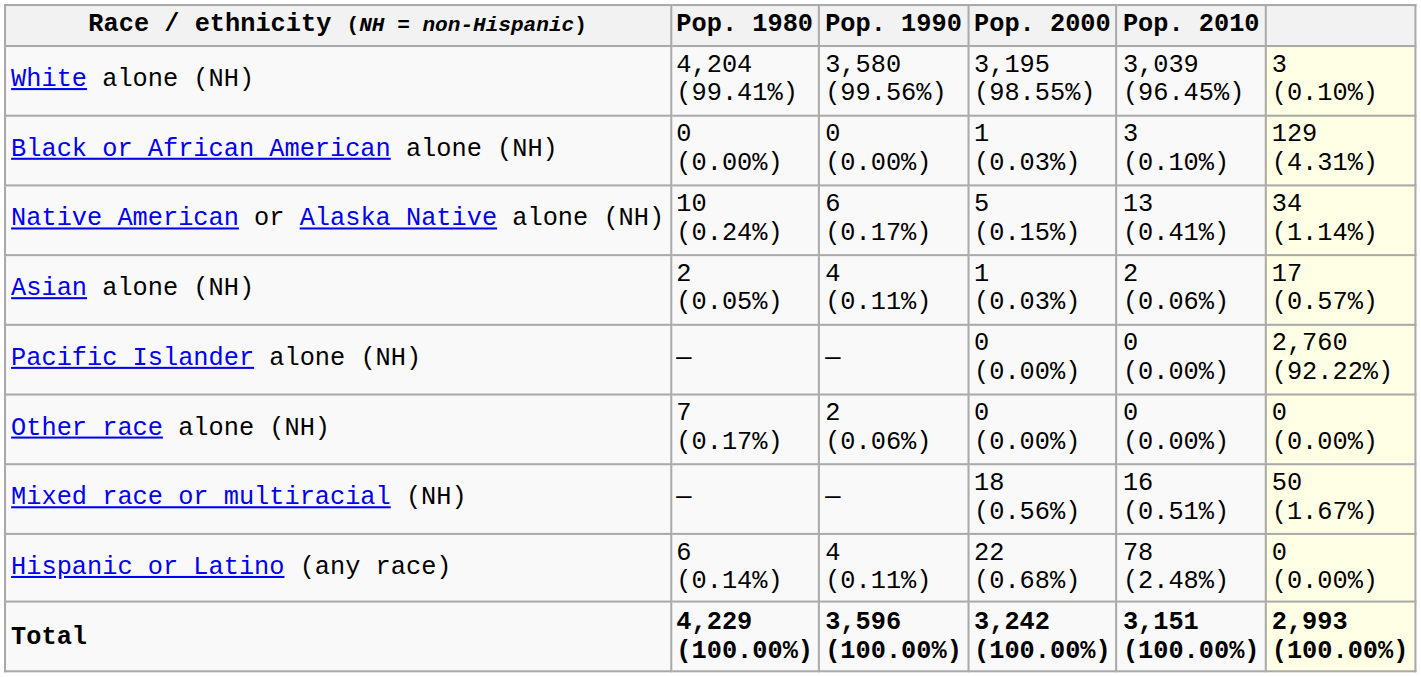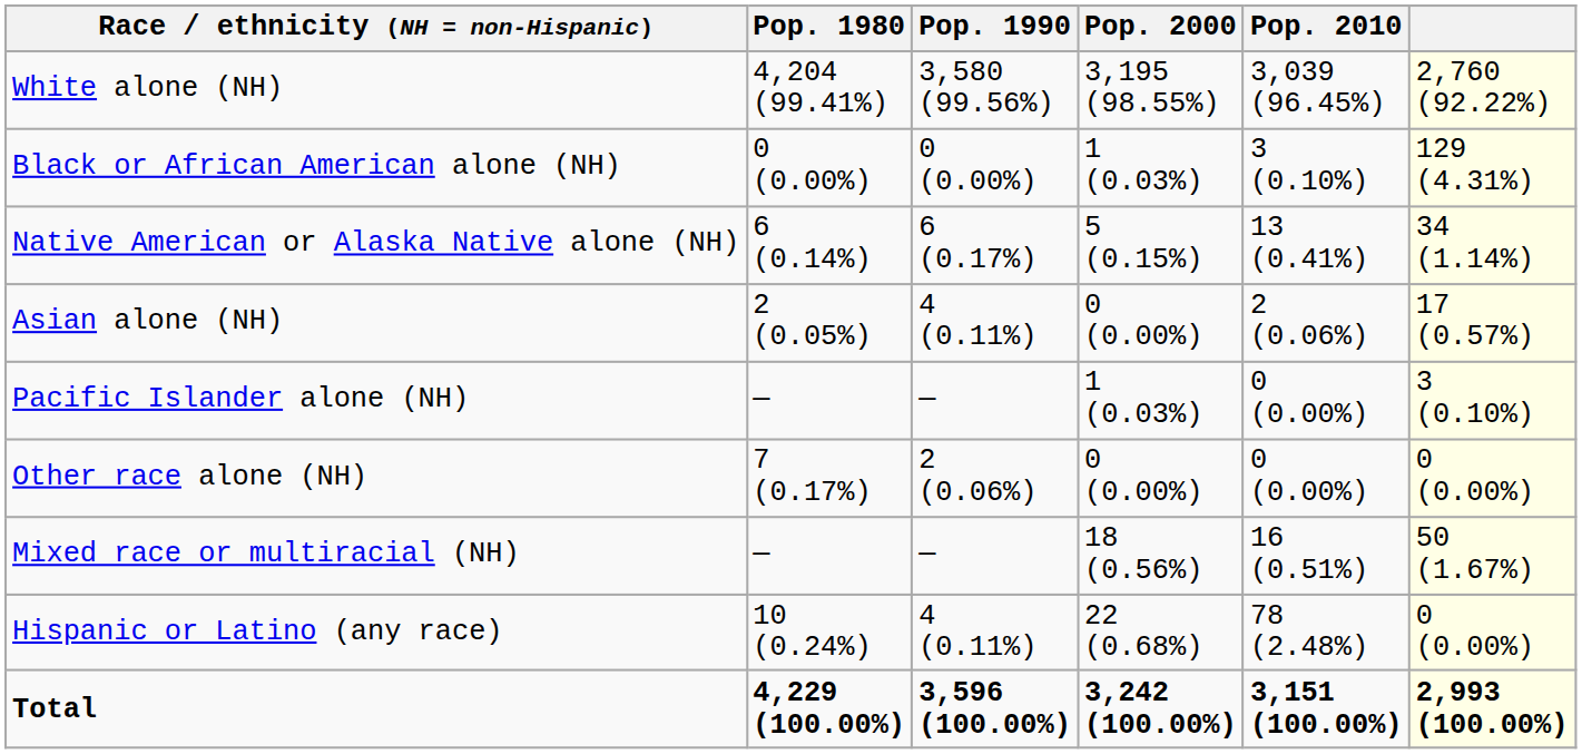 <table class="wikitable sortable collapsible" style="font-size: 95%;">
 <tr>
 <th>Race / ethnicity <small>(<em>NH = non-Hispanic</em>)</small></th>
 <th>Pop. 1980</th>
 <th>Pop. 1990</th>
 <th>Pop. 2000</th>
 <th>Pop. 2010</th>
 <th></th>
 </tr>
 <tr>
 <td><a href='#'>White</a> alone (NH)</td>
 <td>4,204<br>(99.41%)</td>
 <td>3,580<br>(99.56%)</td>
 <td>3,195<br>(98.55%)</td>
 <td>3,039<br>(96.45%)</td>
-<td style='background: #ffffe6;'>3<br>(0.10%)</td>
+<td style='background: #ffffe6;'>2,760<br>(92.22%)</td>
 </tr>
 <tr>
 <td><a href='#'>Black or African American</a> alone (NH)</td>
 <td>0<br>(0.00%)</td>
 <td>0<br>(0.00%)</td>
 <td>1<br>(0.03%)</td>
 <td>3<br>(0.10%)</td>
 <td style='background: #ffffe6;'>129<br>(4.31%)</td>
 </tr>
 <tr>
 <td><a href='#'>Native American</a> or <a href='#'>Alaska Native</a> alone (NH)</td>
-<td>10<br>(0.24%)</td>
+<td>6<br>(0.14%)</td>
 <td>6<br>(0.17%)</td>
 <td>5<br>(0.15%)</td>
 <td>13<br>(0.41%)</td>
 <td style='background: #ffffe6;'>34<br>(1.14%)</td>
 </tr>
 <tr>
 <td><a href='#'>Asian</a> alone (NH)</td>
 <td>2<br>(0.05%)</td>
 <td>4<br>(0.11%)</td>
-<td>1<br>(0.03%)</td>
+<td>0<br>(0.00%)</td>
 <td>2<br>(0.06%)</td>
 <td style='background: #ffffe6;'>17<br>(0.57%)</td>
 </tr>
 <tr>
 <td><a href='#'>Pacific Islander</a> alone (NH)</td>
 <td>—</td>
 <td>—</td>
+<td>1<br>(0.03%)</td>
 <td>0<br>(0.00%)</td>
-<td>0<br>(0.00%)</td>
-<td style='background: #ffffe6;'>2,760<br>(92.22%)</td>
+<td style='background: #ffffe6;'>3<br>(0.10%)</td>
 </tr>
 <tr>
 <td><a href='#'>Other race</a> alone (NH)</td>
 <td>7<br>(0.17%)</td>
 <td>2<br>(0.06%)</td>
 <td>0<br>(0.00%)</td>
 <td>0<br>(0.00%)</td>
 <td style='background: #ffffe6;'>0<br>(0.00%)</td>
 </tr>
 <tr>
 <td><a href='#'>Mixed race or multiracial</a> (NH)</td>
 <td>—</td>
 <td>—</td>
 <td>18<br>(0.56%)</td>
 <td>16<br>(0.51%)</td>
 <td style='background: #ffffe6;'>50<br>(1.67%)</td>
 </tr>
 <tr>
 <td><a href='#'>Hispanic or Latino</a> (any race)</td>
-<td>6<br>(0.14%)</td>
+<td>10<br>(0.24%)</td>
 <td>4<br>(0.11%)</td>
 <td>22<br>(0.68%)</td>
 <td>78<br>(2.48%)</td>
 <td style='background: #ffffe6;'>0<br>(0.00%)</td>
 </tr>
 <tr>
 <td><strong>Total</strong></td>
 <td><strong>4,229<br>(100.00%)</strong></td>
 <td><strong>3,596<br>(100.00%)</strong></td>
 <td><strong>3,242<br>(100.00%)</strong></td>
 <td><strong>3,151<br>(100.00%)</strong></td>
 <td style='background: #ffffe6;'><strong>2,993<br>(100.00%)</strong></td>
 </tr>
 </table>
